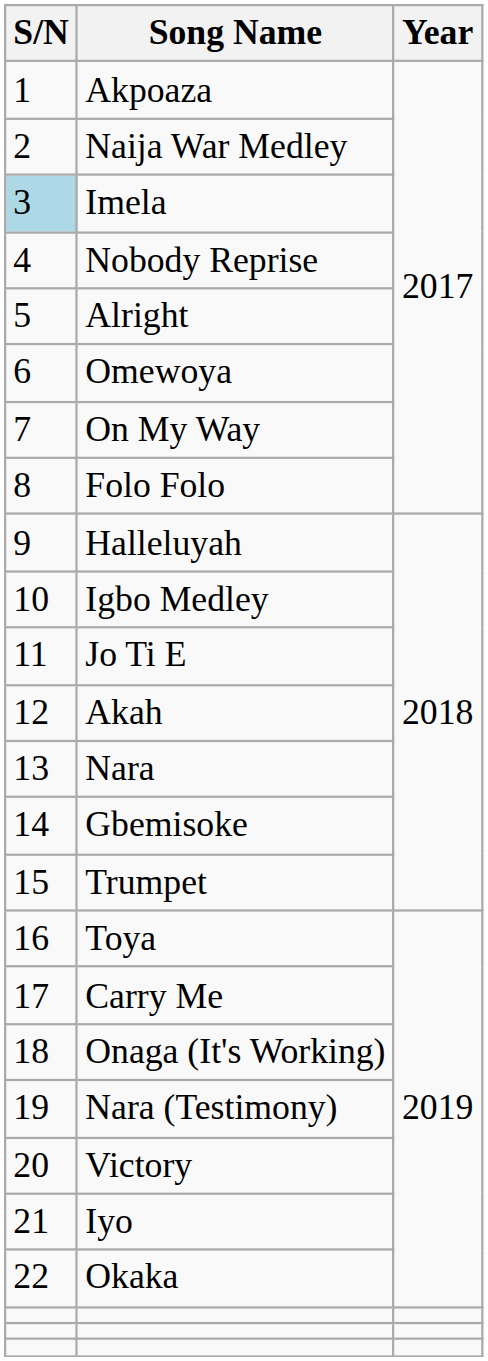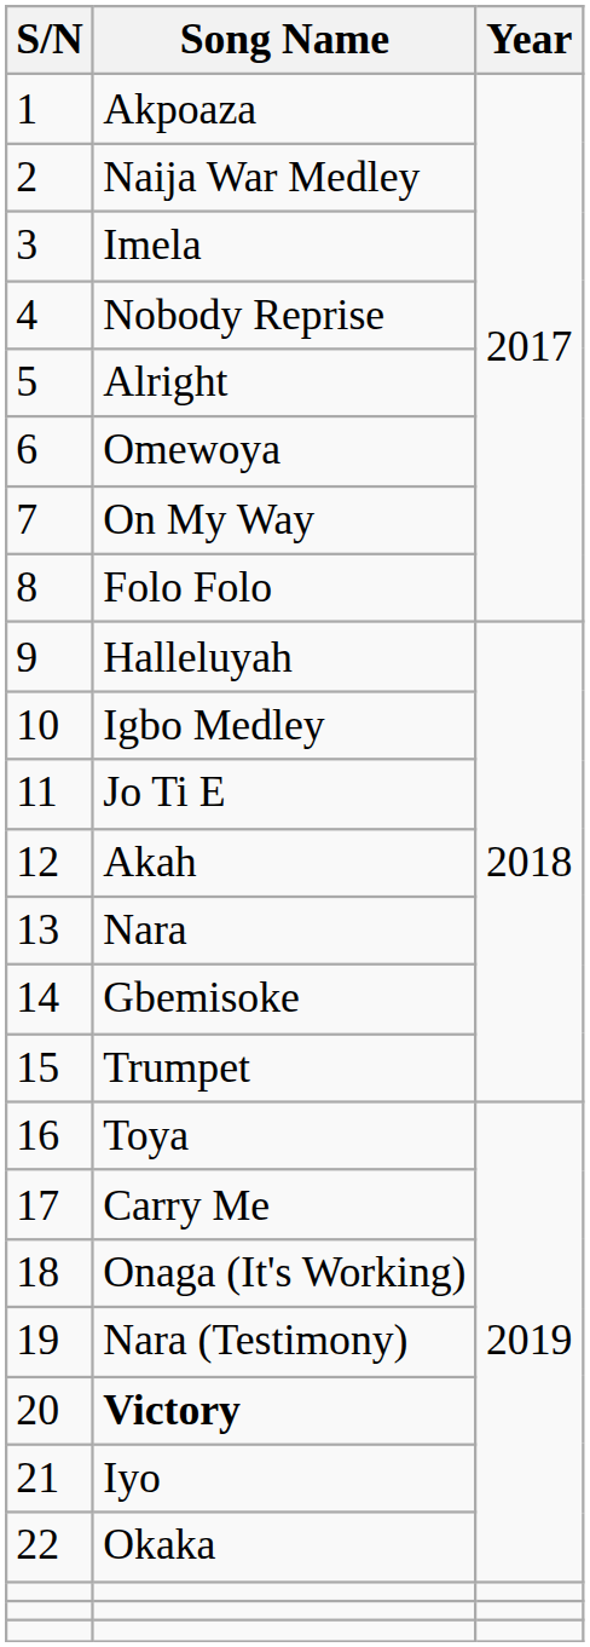 <table class="wikitable sortable mw-collapsible">
 <tr>
 <th>S/N</th>
 <th>Song Name</th>
 <th>Year</th>
 </tr>
 <tr>
 <td>1</td>
 <td>Akpoaza</td>
 <td rowspan="8">2017</td>
 </tr>
 <tr>
 <td>2</td>
 <td>Naija War Medley</td>
 </tr>
 <tr>
-<td style="background: lightblue;">3</td>
+<td>3</td>
 <td>Imela</td>
 </tr>
 <tr>
 <td>4</td>
 <td>Nobody Reprise</td>
 </tr>
 <tr>
 <td>5</td>
 <td>Alright</td>
 </tr>
 <tr>
 <td>6</td>
 <td>Omewoya</td>
 </tr>
 <tr>
 <td>7</td>
 <td>On My Way</td>
 </tr>
 <tr>
 <td>8</td>
 <td>Folo Folo</td>
 </tr>
 <tr>
 <td>9</td>
 <td>Halleluyah</td>
 <td rowspan="7">2018</td>
 </tr>
 <tr>
 <td>10</td>
 <td>Igbo Medley</td>
 </tr>
 <tr>
 <td>11</td>
 <td>Jo Ti E</td>
 </tr>
 <tr>
 <td>12</td>
 <td>Akah</td>
 </tr>
 <tr>
 <td>13</td>
 <td>Nara</td>
 </tr>
 <tr>
 <td>14</td>
 <td>Gbemisoke</td>
 </tr>
 <tr>
 <td>15</td>
 <td>Trumpet</td>
 </tr>
 <tr>
 <td>16</td>
 <td>Toya</td>
 <td rowspan="7">2019</td>
 </tr>
 <tr>
 <td>17</td>
 <td>Carry Me</td>
 </tr>
 <tr>
 <td>18</td>
 <td>Onaga (It's Working)</td>
 </tr>
 <tr>
 <td>19</td>
 <td>Nara (Testimony)</td>
 </tr>
 <tr>
 <td>20</td>
-<td>Victory</td>
+<td><strong>Victory</strong></td>
 </tr>
 <tr>
 <td>21</td>
 <td>Iyo</td>
 </tr>
 <tr>
 <td>22</td>
 <td>Okaka</td>
 </tr>
 <tr>
 <td></td>
 <td></td>
 <td></td>
 </tr>
 <tr>
 <td></td>
 <td></td>
 <td></td>
 </tr>
 <tr>
 <td></td>
 <td></td>
 <td></td>
 </tr>
 </table>
